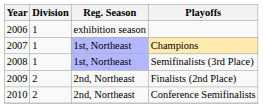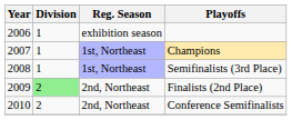 <table class="wikitable">
 <tr>
 <th>Year</th>
 <th>Division</th>
 <th>Reg. Season</th>
 <th>Playoffs</th>
 </tr>
 <tr>
 <td>2006</td>
 <td>1</td>
 <td>exhibition season</td>
 <td></td>
 </tr>
 <tr>
 <td>2007</td>
 <td>1</td>
 <td bgcolor="B3B7FF">1st, Northeast</td>
 <td bgcolor="FFEBAD">Champions</td>
 </tr>
 <tr>
 <td>2008</td>
 <td>1</td>
 <td bgcolor="B3B7FF">1st, Northeast</td>
 <td>Semifinalists (3rd Place)</td>
 </tr>
 <tr>
 <td>2009</td>
-<td>2</td>
+<td style="background: lightgreen;">2</td>
 <td>2nd, Northeast</td>
 <td>Finalists (2nd Place)</td>
 </tr>
 <tr>
 <td>2010</td>
 <td>2</td>
 <td>2nd, Northeast</td>
 <td>Conference Semifinalists</td>
 </tr>
 <tr>
 </tr>
 </table>
